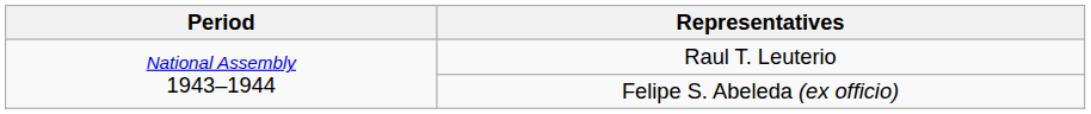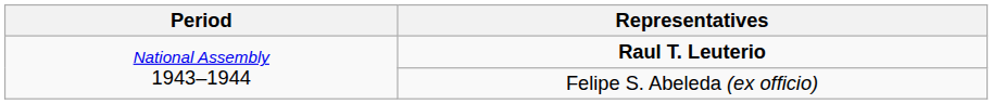 <table class="wikitable" style="text-align:center; width:40%;">
 <tr>
 <th width=40%>Period</th>
 <th>Representatives</th>
 </tr>
 <tr>
 <td rowspan=2><small><a href='#'><em>National Assembly</em></a></small><br>1943–1944</td>
-<td>Raul T. Leuterio</td>
+<td><strong>Raul T. Leuterio</strong></td>
 </tr>
 <tr>
 <td>Felipe S. Abeleda <em>(ex officio)</em></td>
 </tr>
 </table>
